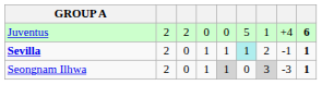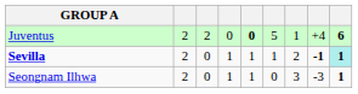 <table class="wikitable" style="text-align:center;">
 <tr>
 <th width=200>GROUP A</th>
 <th width=20></th>
 <th width=20></th>
 <th width=20></th>
 <th width=20></th>
 <th width=20></th>
 <th width=20></th>
 <th width=20></th>
 <th width=20></th>
 </tr>
 <tr style="background:#cfc;">
 <td align=left> <a href='#'>Juventus</a></td>
 <td>2</td>
 <td>2</td>
 <td>0</td>
-<td>0</td>
+<td><strong>0</strong></td>
 <td>5</td>
 <td>1</td>
 <td>+4</td>
 <td><strong>6</strong></td>
 </tr>
 <tr>
 <td align=left> <strong><a href='#'>Sevilla</a></strong></td>
 <td>2</td>
 <td>0</td>
 <td>1</td>
 <td>1</td>
-<td style="background: paleturquoise;">1</td>
+<td>1</td>
 <td>2</td>
-<td>-1</td>
-<td><strong>1</strong></td>
+<td><strong>-1</strong></td>
+<td style="background: paleturquoise;"><strong>1</strong></td>
 </tr>
 <tr>
 <td align=left> <a href='#'>Seongnam Ilhwa</a></td>
 <td>2</td>
 <td>0</td>
 <td>1</td>
-<td style="background: lightgrey;">1</td>
+<td>1</td>
 <td>0</td>
-<td style="background: lightgrey;">3</td>
+<td>3</td>
 <td>-3</td>
 <td><strong>1</strong></td>
 </tr>
 </table>
